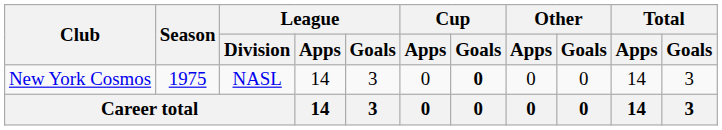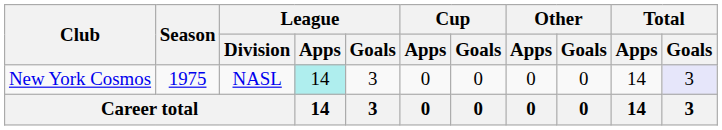 <table class="wikitable" style="text-align: center">
 <tr>
 <th rowspan="2">Club</th>
 <th rowspan="2">Season</th>
 <th colspan="3">League</th>
 <th colspan="2">Cup</th>
 <th colspan="2">Other</th>
 <th colspan="2">Total</th>
 </tr>
 <tr>
 <th>Division</th>
 <th>Apps</th>
 <th>Goals</th>
 <th>Apps</th>
 <th>Goals</th>
 <th>Apps</th>
 <th>Goals</th>
 <th>Apps</th>
 <th>Goals</th>
 </tr>
 <tr>
 <td><a href='#'>New York Cosmos</a></td>
 <td><a href='#'>1975</a></td>
 <td><a href='#'>NASL</a></td>
-<td>14</td>
+<td style="background: paleturquoise;">14</td>
 <td>3</td>
 <td>0</td>
-<td><strong>0</strong></td>
+<td>0</td>
 <td>0</td>
 <td>0</td>
 <td>14</td>
-<td>3</td>
+<td style="background: lavender;">3</td>
 </tr>
 <tr>
 <th colspan="3"><strong>Career total</strong></th>
 <th>14</th>
 <th>3</th>
 <th>0</th>
 <th>0</th>
 <th>0</th>
 <th>0</th>
 <th>14</th>
 <th>3</th>
 </tr>
 </table>
